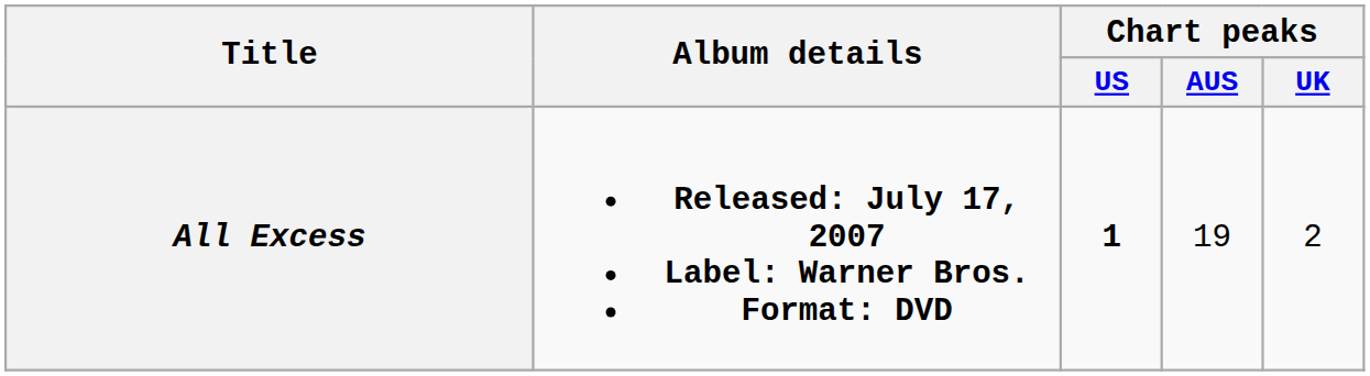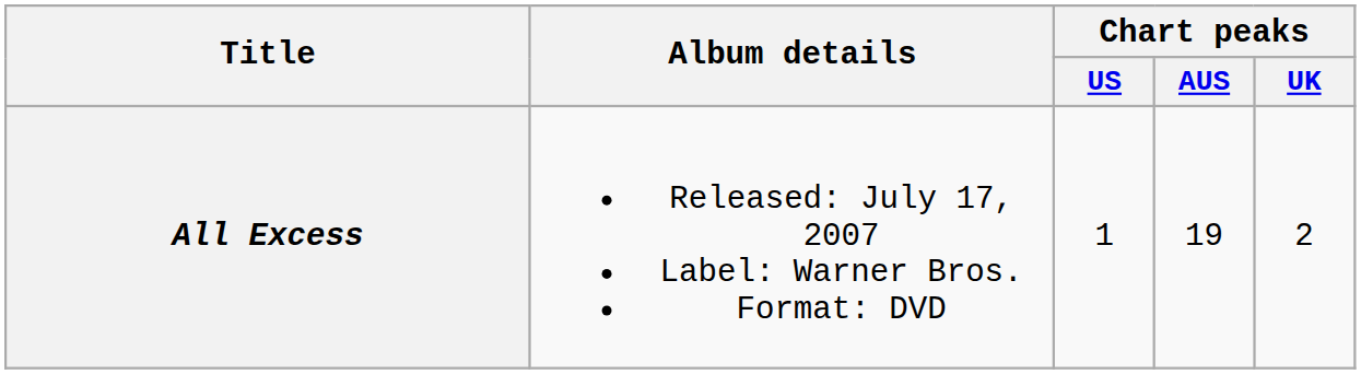 <table class="wikitable plainrowheaders" style="text-align:center;">
 <tr>
 <th scope="col" rowspan="2" style="width:16em;">Title</th>
 <th scope="col" rowspan="2" style="width:16em;">Album details</th>
 <th scope="col" colspan="3">Chart peaks</th>
 </tr>
 <tr>
 <th scope="col" style="width:3em;font-size:90%;"><a href='#'>US</a><br></th>
 <th scope="col" style="width:3em;font-size:90%;"><a href='#'>AUS</a><br></th>
 <th scope="col" style="width:3em;font-size:90%;"><a href='#'>UK</a><br></th>
 </tr>
 <tr>
 <th scope="row"><em>All Excess</em></th>
-<td><strong><br><ul><li>Released: July 17, 2007</li><li>Label: Warner Bros.</li><li>Format: DVD</li></ul></strong></td>
-<td><strong>1</strong></td>
+<td><br><ul><li>Released: July 17, 2007</li><li>Label: Warner Bros.</li><li>Format: DVD</li></ul></td>
+<td>1</td>
 <td>19</td>
 <td>2</td>
 </tr>
 </table>
